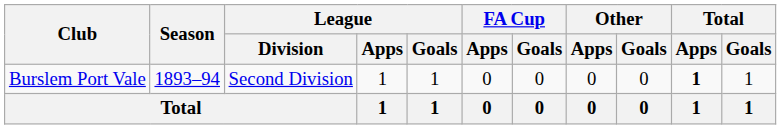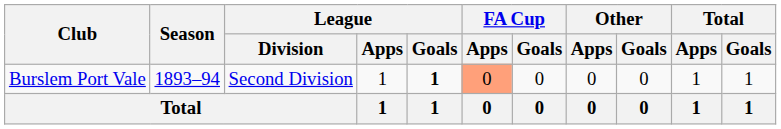 <table class="wikitable" style="text-align:center">
 <tr>
 <th rowspan="2">Club</th>
 <th rowspan="2">Season</th>
 <th colspan="3">League</th>
 <th colspan="2"><a href='#'>FA Cup</a></th>
 <th colspan="2">Other</th>
 <th colspan="2">Total</th>
 </tr>
 <tr>
 <th>Division</th>
 <th>Apps</th>
 <th>Goals</th>
 <th>Apps</th>
 <th>Goals</th>
 <th>Apps</th>
 <th>Goals</th>
 <th>Apps</th>
 <th>Goals</th>
 </tr>
 <tr>
 <td><a href='#'>Burslem Port Vale</a></td>
 <td><a href='#'>1893–94</a></td>
 <td><a href='#'>Second Division</a></td>
 <td>1</td>
-<td>1</td>
+<td><strong>1</strong></td>
+<td style="background: lightsalmon;">0</td>
 <td>0</td>
 <td>0</td>
 <td>0</td>
-<td>0</td>
-<td><strong>1</strong></td>
+<td>1</td>
 <td>1</td>
 </tr>
 <tr>
 <th colspan="3">Total</th>
 <th>1</th>
 <th>1</th>
 <th>0</th>
 <th>0</th>
 <th>0</th>
 <th>0</th>
 <th>1</th>
 <th>1</th>
 </tr>
 </table>
